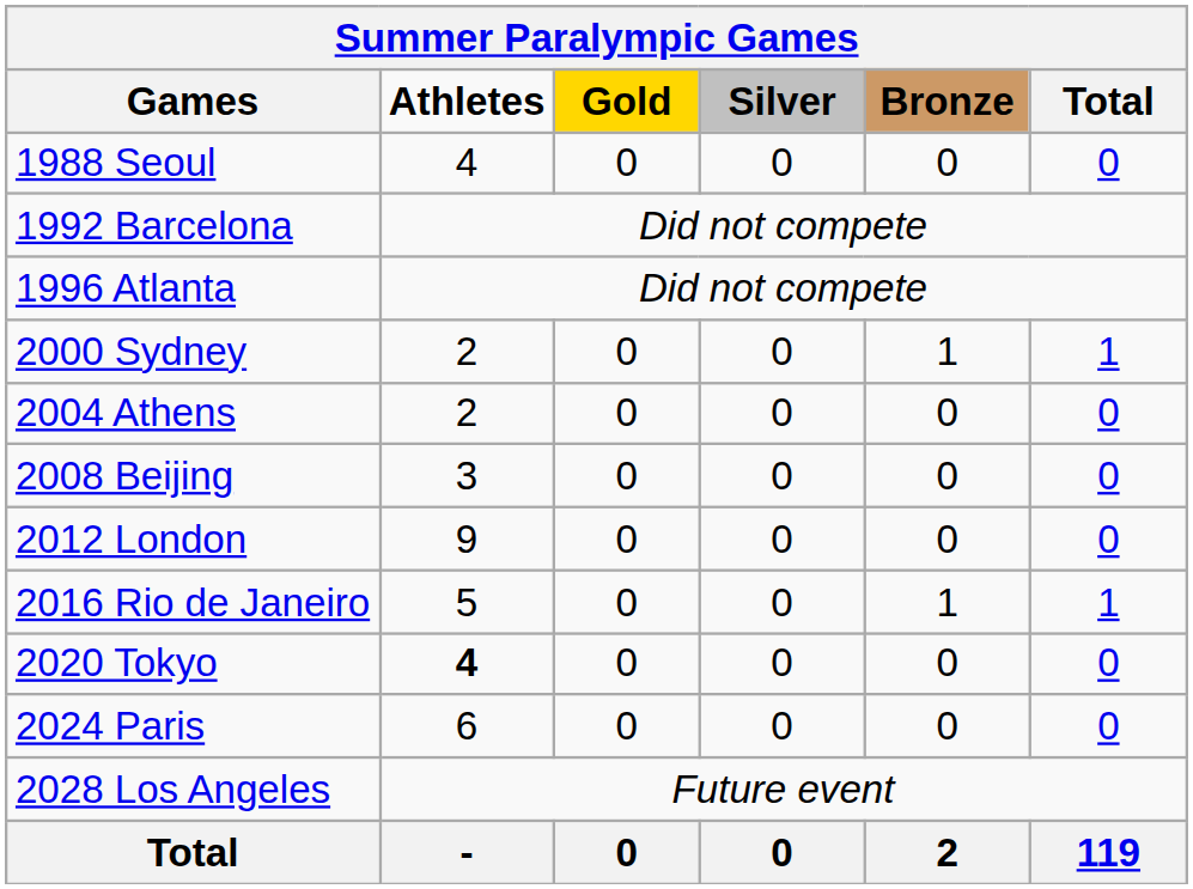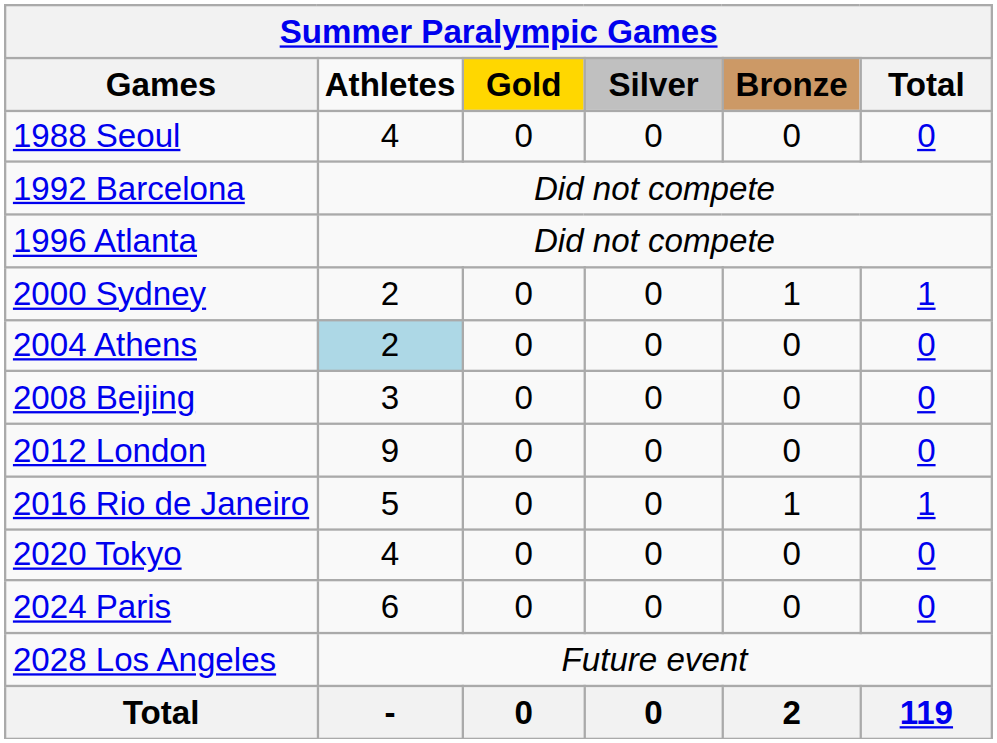 <table class="wikitable" style="text-align:center; font-size:90%;">
 <tr>
 <th colspan=9><a href='#'>Summer Paralympic Games</a></th>
 </tr>
 <tr>
 <th>Games</th>
 <td style="width:3.2em; font-weight:bold;">Athletes</td>
 <td style="background:gold; width:3.2em; font-weight:bold;">Gold</td>
 <td style="background:silver; width:3.7em; font-weight:bold;">Silver</td>
 <td style="background:#c96; width:3.7em; font-weight:bold;">Bronze</td>
 <th style="width:3.5em; font-weight:bold;">Total</th>
 </tr>
 <tr>
 <td align=left> <a href='#'>1988 Seoul</a></td>
 <td>4</td>
 <td>0</td>
 <td>0</td>
 <td>0</td>
 <td><a href='#'>0</a></td>
 </tr>
 <tr>
 <td align=left> <a href='#'>1992 Barcelona</a></td>
 <td colspan=5><em>Did not compete</em></td>
 </tr>
 <tr>
 <td align=left> <a href='#'>1996 Atlanta</a></td>
 <td colspan=5><em>Did not compete</em></td>
 </tr>
 <tr>
 <td align=left> <a href='#'>2000 Sydney</a></td>
 <td>2</td>
 <td>0</td>
 <td>0</td>
 <td>1</td>
 <td><a href='#'>1</a></td>
 </tr>
 <tr>
 <td align=left> <a href='#'>2004 Athens</a></td>
-<td>2</td>
+<td style="background: lightblue;">2</td>
 <td>0</td>
 <td>0</td>
 <td>0</td>
 <td><a href='#'>0</a></td>
 </tr>
 <tr>
 <td align=left> <a href='#'>2008 Beijing</a></td>
 <td>3</td>
 <td>0</td>
 <td>0</td>
 <td>0</td>
 <td><a href='#'>0</a></td>
 </tr>
 <tr>
 <td align=left> <a href='#'>2012 London</a></td>
 <td>9</td>
 <td>0</td>
 <td>0</td>
 <td>0</td>
 <td><a href='#'>0</a></td>
 </tr>
 <tr>
 <td align=left> <a href='#'>2016 Rio de Janeiro</a></td>
 <td>5</td>
 <td>0</td>
 <td>0</td>
 <td>1</td>
 <td><a href='#'>1</a></td>
 </tr>
 <tr>
 <td align=left> <a href='#'>2020 Tokyo</a></td>
-<td><strong>4</strong></td>
+<td>4</td>
 <td>0</td>
 <td>0</td>
 <td>0</td>
 <td><a href='#'>0</a></td>
 </tr>
 <tr>
 <td align=left> <a href='#'>2024 Paris</a></td>
 <td>6</td>
 <td>0</td>
 <td>0</td>
 <td>0</td>
 <td><a href='#'>0</a></td>
 </tr>
 <tr>
 <td align=left> <a href='#'>2028 Los Angeles</a></td>
 <td colspan=5; rowspan=1><em>Future event</em></td>
 </tr>
 <tr>
 <th>Total</th>
 <th>-</th>
 <th>0</th>
 <th>0</th>
 <th>2</th>
 <th><a href='#'>119</a></th>
 </tr>
 </table>
